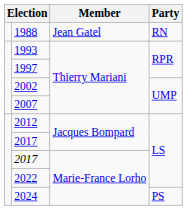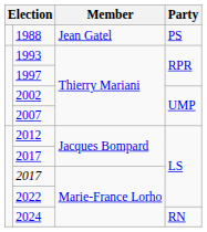 <table class="wikitable">
 <tr>
 <th colspan=2>Election</th>
 <th>Member</th>
 <th>Party</th>
 </tr>
 <tr>
 <td style="background-color: "></td>
 <td><a href='#'>1988</a></td>
 <td><a href='#'>Jean Gatel</a></td>
-<td><a href='#'>RN</a></td>
+<td><a href='#'>PS</a></td>
 </tr>
 <tr>
 <td rowspan="4" style="background-color: "></td>
 <td><a href='#'>1993</a></td>
 <td rowspan="4"><a href='#'>Thierry Mariani</a></td>
 <td rowspan="2"><a href='#'>RPR</a></td>
 </tr>
 <tr>
 <td><a href='#'>1997</a></td>
 </tr>
 <tr>
 <td><a href='#'>2002</a></td>
 <td rowspan="2"><a href='#'>UMP</a></td>
 </tr>
 <tr>
 <td><a href='#'>2007</a></td>
 </tr>
 <tr>
 <td rowspan="5" style="background-color: "></td>
 <td><a href='#'>2012</a></td>
 <td rowspan="2"><a href='#'>Jacques Bompard</a></td>
 <td rowspan="4"><a href='#'>LS</a></td>
 </tr>
 <tr>
 <td><a href='#'>2017</a></td>
 </tr>
 <tr>
 <td><em>2017</em></td>
 <td rowspan="3"><a href='#'>Marie-France Lorho</a></td>
 </tr>
 <tr>
 <td><a href='#'>2022</a></td>
 </tr>
 <tr>
 <td><a href='#'>2024</a></td>
-<td><a href='#'>PS</a></td>
+<td><a href='#'>RN</a></td>
 </tr>
 </table>
